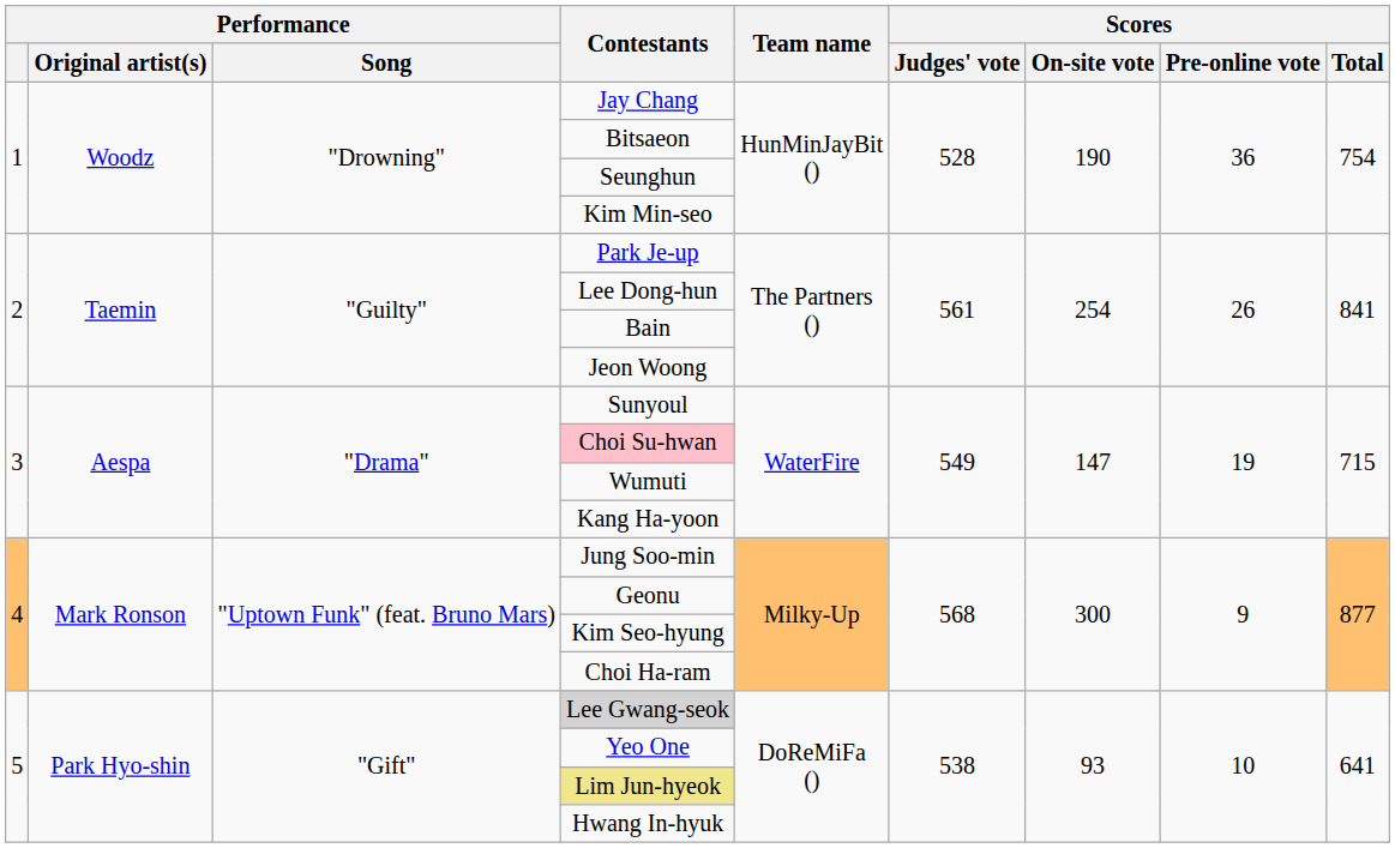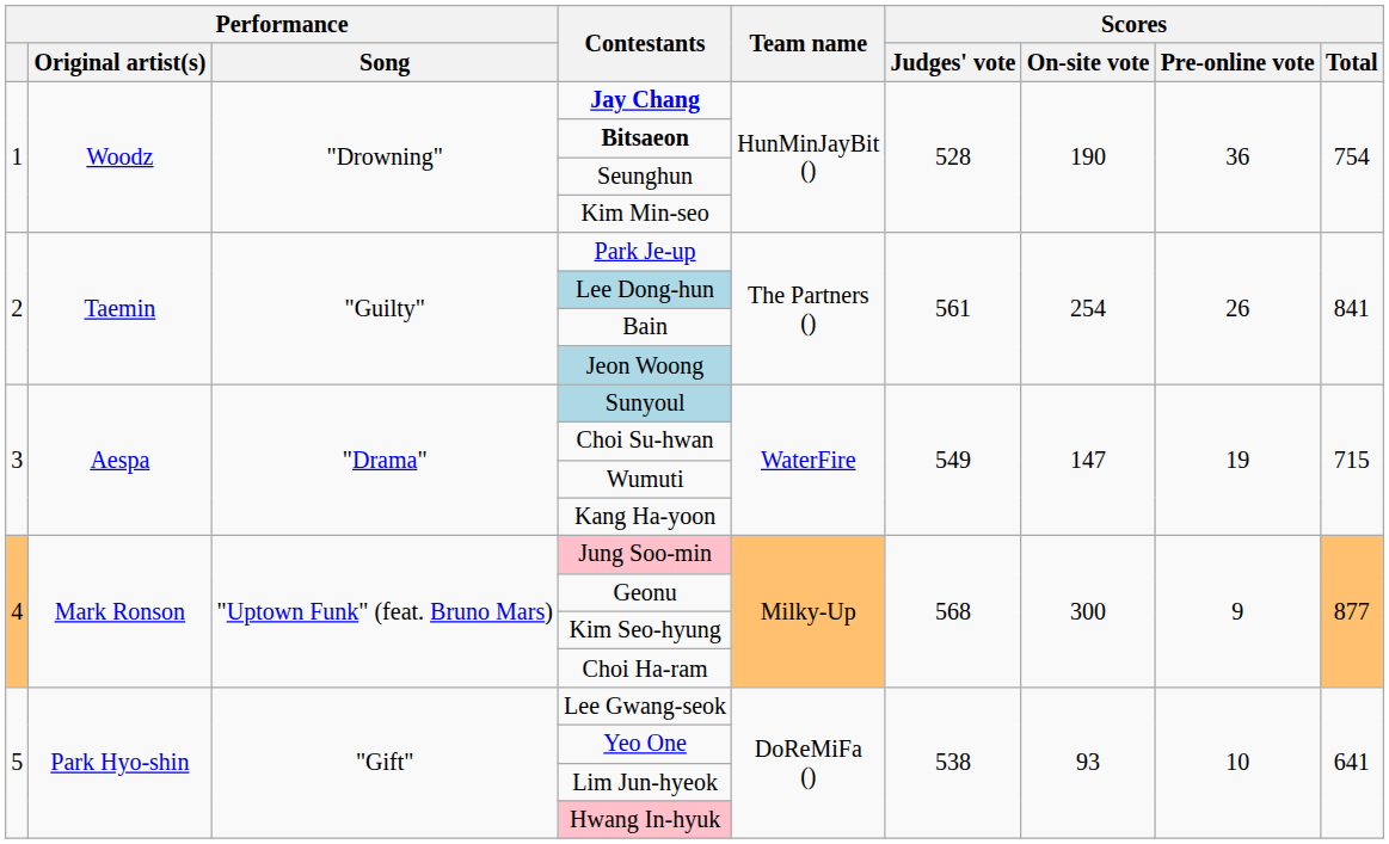 <table class="wikitable" style="text-align:center">
 <tr>
 <th colspan="3">Performance</th>
 <th rowspan="2">Contestants </th>
 <th rowspan="2">Team name</th>
 <th colspan="4">Scores</th>
 </tr>
 <tr>
 <th></th>
 <th>Original artist(s)</th>
 <th>Song</th>
 <th>Judges' vote</th>
 <th>On-site vote</th>
 <th>Pre-online vote</th>
 <th>Total</th>
 </tr>
 <tr>
 <td rowspan="4">1</td>
 <td rowspan="4"><a href='#'>Woodz</a></td>
 <td rowspan="4">"Drowning"</td>
-<td><a href='#'>Jay Chang</a></td>
+<td><strong><a href='#'>Jay Chang</a></strong></td>
 <td rowspan="4">HunMinJayBit<br>()</td>
 <td rowspan="4">528</td>
 <td rowspan="4">190</td>
 <td rowspan="4">36</td>
 <td rowspan="4">754</td>
 </tr>
 <tr>
-<td>Bitsaeon</td>
+<td><strong>Bitsaeon</strong></td>
 </tr>
 <tr>
 <td>Seunghun</td>
 </tr>
 <tr>
 <td>Kim Min-seo</td>
 </tr>
 <tr>
 <td rowspan="4">2</td>
 <td rowspan="4"><a href='#'>Taemin</a></td>
 <td rowspan="4">"Guilty"</td>
 <td><a href='#'>Park Je-up</a></td>
 <td rowspan="4">The Partners<br>()</td>
 <td rowspan="4">561</td>
 <td rowspan="4">254</td>
 <td rowspan="4">26</td>
 <td rowspan="4">841</td>
 </tr>
 <tr>
-<td>Lee Dong-hun</td>
+<td style="background: lightblue;">Lee Dong-hun</td>
 </tr>
 <tr>
 <td>Bain</td>
 </tr>
 <tr>
-<td>Jeon Woong</td>
+<td style="background: lightblue;">Jeon Woong</td>
 </tr>
 <tr>
 <td rowspan="4">3</td>
 <td rowspan="4"><a href='#'>Aespa</a></td>
 <td rowspan="4">"<a href='#'>Drama</a>"</td>
-<td>Sunyoul</td>
+<td style="background: lightblue;">Sunyoul</td>
 <td rowspan="4"><a href='#'>WaterFire</a></td>
 <td rowspan="4">549</td>
 <td rowspan="4">147</td>
 <td rowspan="4">19</td>
 <td rowspan="4">715</td>
 </tr>
 <tr>
-<td style="background: pink;">Choi Su-hwan</td>
+<td>Choi Su-hwan</td>
 </tr>
 <tr>
 <td>Wumuti</td>
 </tr>
 <tr>
 <td>Kang Ha-yoon</td>
 </tr>
 <tr>
 <td rowspan="4" style="background:#FFC06F">4</td>
 <td rowspan="4"><a href='#'>Mark Ronson</a></td>
 <td rowspan="4">"<a href='#'>Uptown Funk</a>" (feat. <a href='#'>Bruno Mars</a>)</td>
-<td>Jung Soo-min</td>
+<td style="background: pink;">Jung Soo-min</td>
 <td rowspan="4" style="background:#FFC06F">Milky-Up</td>
 <td rowspan="4">568</td>
 <td rowspan="4">300</td>
 <td rowspan="4">9</td>
 <td rowspan="4" style="background:#FFC06F">877</td>
 </tr>
 <tr>
 <td>Geonu</td>
 </tr>
 <tr>
 <td>Kim Seo-hyung</td>
 </tr>
 <tr>
 <td>Choi Ha-ram</td>
 </tr>
 <tr>
 <td rowspan="4">5</td>
 <td rowspan="4"><a href='#'>Park Hyo-shin</a></td>
 <td rowspan="4">"Gift"</td>
-<td style="background: lightgrey;">Lee Gwang-seok</td>
+<td>Lee Gwang-seok</td>
 <td rowspan="4">DoReMiFa<br>()</td>
 <td rowspan="4">538</td>
 <td rowspan="4">93</td>
 <td rowspan="4">10</td>
 <td rowspan="4">641</td>
 </tr>
 <tr>
 <td><a href='#'>Yeo One</a></td>
 </tr>
 <tr>
-<td style="background: khaki;">Lim Jun-hyeok</td>
+<td>Lim Jun-hyeok</td>
 </tr>
 <tr>
-<td>Hwang In-hyuk</td>
+<td style="background: pink;">Hwang In-hyuk</td>
 </tr>
 </table>
